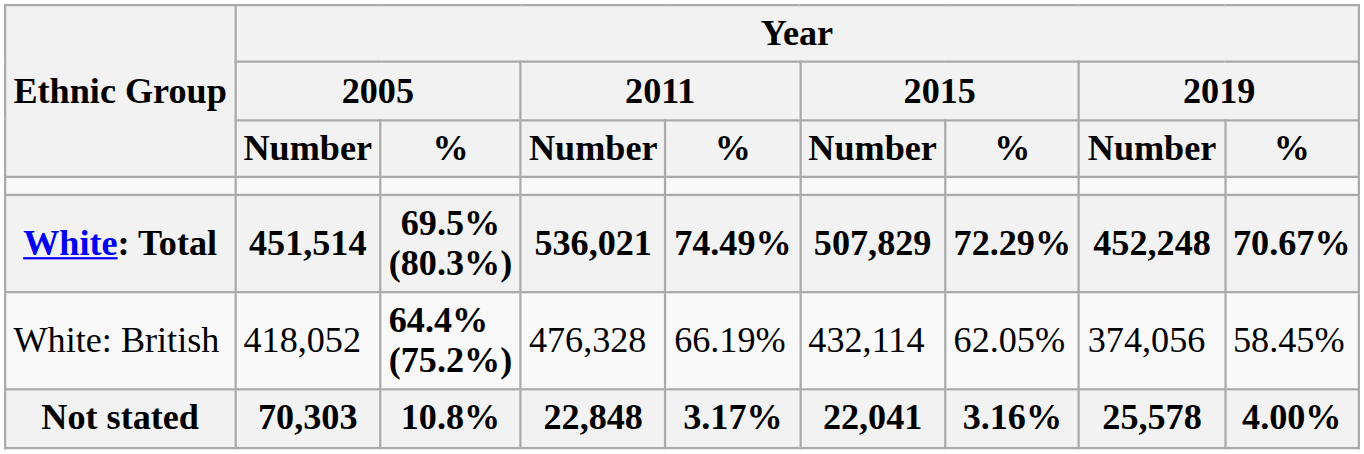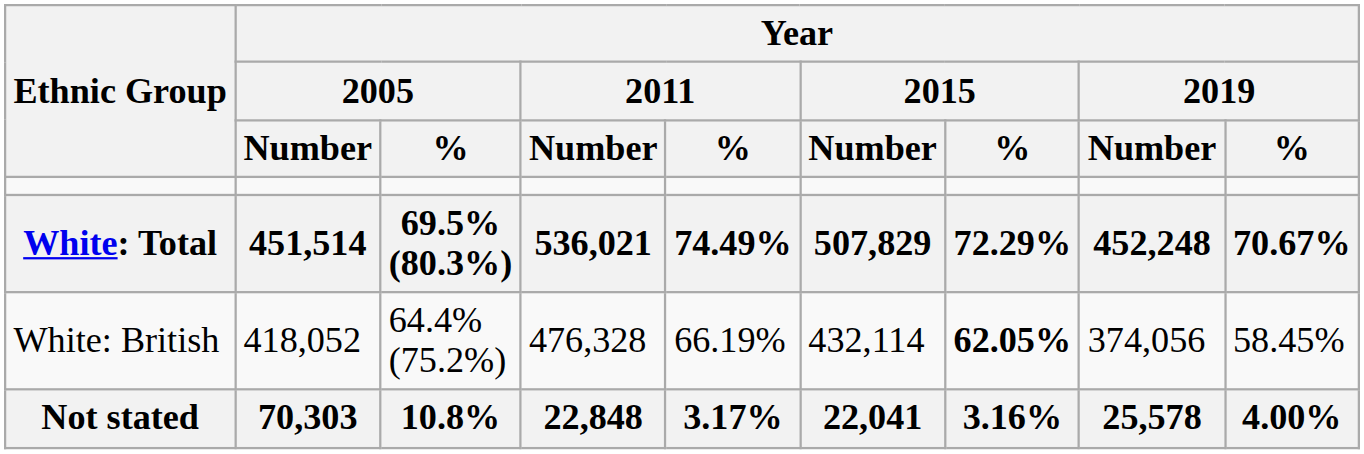 <table class="wikitable sortable mw-collapsible">
 <tr>
 <th rowspan="3">Ethnic Group</th>
 <th colspan="8">Year</th>
 </tr>
 <tr>
 <th colspan="2">2005</th>
 <th colspan="2">2011</th>
 <th colspan="2">2015</th>
 <th colspan="2">2019</th>
 </tr>
 <tr>
 <th>Number</th>
 <th>%</th>
 <th>Number</th>
 <th>%</th>
 <th>Number</th>
 <th>%</th>
 <th>Number</th>
 <th>%</th>
 </tr>
 <tr>
 <td></td>
 <td></td>
 <td></td>
 <td></td>
 <td></td>
 <td></td>
 <td></td>
 <td></td>
 <td></td>
 </tr>
 <tr>
 <th><a href='#'>White</a>: Total</th>
 <th>451,514</th>
 <th>69.5%<br>(80.3%)</th>
 <th>536,021</th>
 <th>74.49%</th>
 <th>507,829</th>
 <th>72.29%</th>
 <th>452,248</th>
 <th>70.67%</th>
 </tr>
 <tr>
 <td>White: British</td>
 <td>418,052</td>
-<td><strong>64.4%<br>(75.2%)</strong></td>
+<td>64.4%<br>(75.2%)</td>
 <td>476,328</td>
 <td>66.19%</td>
 <td>432,114</td>
-<td>62.05%</td>
+<td><strong>62.05%</strong></td>
 <td>374,056</td>
 <td>58.45%</td>
 </tr>
 <tr>
 <th>Not stated</th>
 <th>70,303</th>
 <th>10.8%</th>
 <th>22,848</th>
 <th>3.17%</th>
 <th>22,041</th>
 <th>3.16%</th>
 <th>25,578</th>
 <th>4.00%</th>
 </tr>
 </table>
